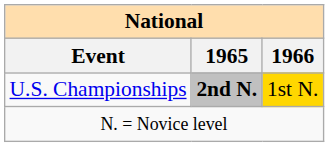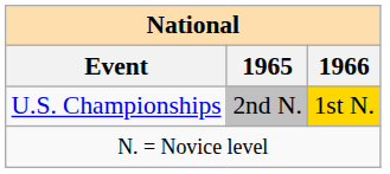 <table class="wikitable" style="text-align:center">
 <tr>
 <th style="background-color: #ffdead; " colspan=3 align=center><strong>National</strong></th>
 </tr>
 <tr>
 <th>Event</th>
 <th>1965</th>
 <th>1966</th>
 </tr>
 <tr>
 <td align=left><a href='#'>U.S. Championships</a></td>
-<td bgcolor=silver><strong>2nd N.</strong></td>
+<td bgcolor=silver>2nd N.</td>
 <td bgcolor=gold>1st N.</td>
 </tr>
 <tr>
 <td colspan=3 align=center><small> N. = Novice level </small></td>
 </tr>
 </table>
